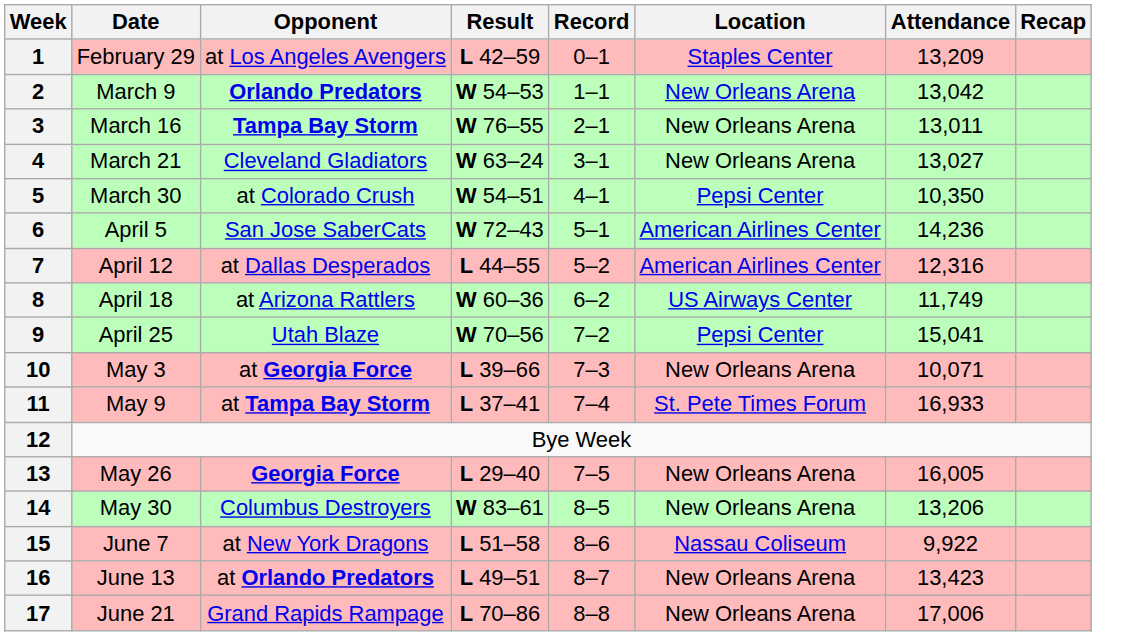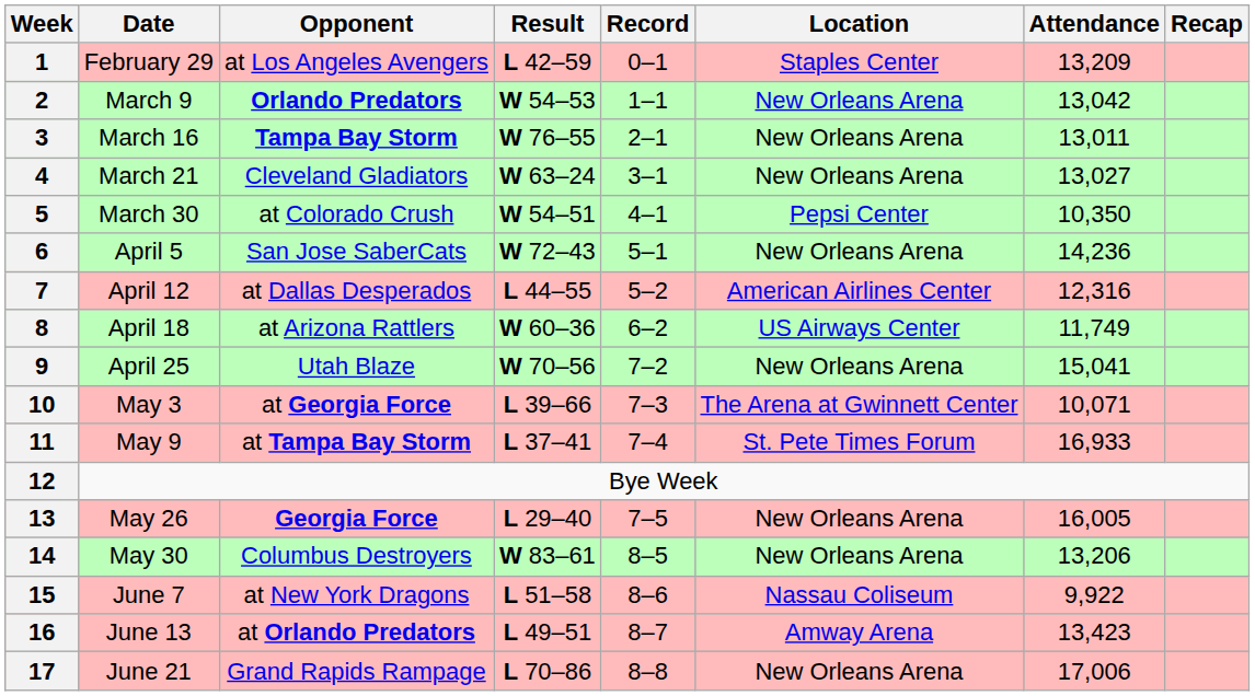 <table class="wikitable" style="text-align:center">
 <tr>
 <th>Week</th>
 <th>Date</th>
 <th>Opponent</th>
 <th>Result</th>
 <th>Record</th>
 <th>Location</th>
 <th>Attendance</th>
 <th>Recap</th>
 </tr>
 <tr bgcolor="#ffbbbb">
 <th>1</th>
 <td>February 29</td>
 <td>at <a href='#'>Los Angeles Avengers</a></td>
 <td><strong>L</strong> 42–59</td>
 <td>0–1</td>
 <td><a href='#'>Staples Center</a></td>
 <td>13,209</td>
 <td></td>
 </tr>
 <tr bgcolor="#bbffbb">
 <th>2</th>
 <td>March 9</td>
 <td><strong><a href='#'>Orlando Predators</a></strong></td>
 <td><strong>W</strong> 54–53</td>
 <td>1–1</td>
 <td><a href='#'>New Orleans Arena</a></td>
 <td>13,042</td>
 <td></td>
 </tr>
 <tr bgcolor="#bbffbb">
 <th>3</th>
 <td>March 16</td>
 <td><strong><a href='#'>Tampa Bay Storm</a></strong></td>
 <td><strong>W</strong> 76–55</td>
 <td>2–1</td>
 <td>New Orleans Arena</td>
 <td>13,011</td>
 <td></td>
 </tr>
 <tr bgcolor="#bbffbb">
 <th>4</th>
 <td>March 21</td>
 <td><a href='#'>Cleveland Gladiators</a></td>
 <td><strong>W</strong> 63–24</td>
 <td>3–1</td>
 <td>New Orleans Arena</td>
 <td>13,027</td>
 <td></td>
 </tr>
 <tr bgcolor="#bbffbb">
 <th>5</th>
 <td>March 30</td>
 <td>at <a href='#'>Colorado Crush</a></td>
 <td><strong>W</strong> 54–51</td>
 <td>4–1</td>
 <td><a href='#'>Pepsi Center</a></td>
 <td>10,350</td>
 <td></td>
 </tr>
 <tr bgcolor="#bbffbb">
 <th>6</th>
 <td>April 5</td>
 <td><a href='#'>San Jose SaberCats</a></td>
 <td><strong>W</strong> 72–43</td>
 <td>5–1</td>
-<td><a href='#'>American Airlines Center</a></td>
+<td>New Orleans Arena</td>
 <td>14,236</td>
 <td></td>
 </tr>
 <tr bgcolor="#ffbbbb">
 <th>7</th>
 <td>April 12</td>
 <td>at <a href='#'>Dallas Desperados</a></td>
 <td><strong>L</strong> 44–55</td>
 <td>5–2</td>
 <td><a href='#'>American Airlines Center</a></td>
 <td>12,316</td>
 <td></td>
 </tr>
 <tr bgcolor="#bbffbb">
 <th>8</th>
 <td>April 18</td>
 <td>at <a href='#'>Arizona Rattlers</a></td>
 <td><strong>W</strong> 60–36</td>
 <td>6–2</td>
 <td><a href='#'>US Airways Center</a></td>
 <td>11,749</td>
 <td></td>
 </tr>
 <tr bgcolor="#bbffbb">
 <th>9</th>
 <td>April 25</td>
 <td><a href='#'>Utah Blaze</a></td>
 <td><strong>W</strong> 70–56</td>
 <td>7–2</td>
-<td><a href='#'>Pepsi Center</a></td>
+<td>New Orleans Arena</td>
 <td>15,041</td>
 <td></td>
 </tr>
 <tr bgcolor="#ffbbbb">
 <th>10</th>
 <td>May 3</td>
 <td>at <strong><a href='#'>Georgia Force</a></strong></td>
 <td><strong>L</strong> 39–66</td>
 <td>7–3</td>
-<td>New Orleans Arena</td>
+<td><a href='#'>The Arena at Gwinnett Center</a></td>
 <td>10,071</td>
 <td></td>
 </tr>
 <tr bgcolor="#ffbbbb">
 <th>11</th>
 <td>May 9</td>
 <td>at <strong><a href='#'>Tampa Bay Storm</a></strong></td>
 <td><strong>L</strong> 37–41</td>
 <td>7–4</td>
 <td><a href='#'>St. Pete Times Forum</a></td>
 <td>16,933</td>
 <td></td>
 </tr>
 <tr>
 <th>12</th>
 <td colspan=7>Bye Week</td>
 </tr>
 <tr bgcolor="#ffbbbb">
 <th>13</th>
 <td>May 26</td>
 <td><strong><a href='#'>Georgia Force</a></strong></td>
 <td><strong>L</strong> 29–40</td>
 <td>7–5</td>
 <td>New Orleans Arena</td>
 <td>16,005</td>
 <td></td>
 </tr>
 <tr bgcolor="#bbffbb">
 <th>14</th>
 <td>May 30</td>
 <td><a href='#'>Columbus Destroyers</a></td>
 <td><strong>W</strong> 83–61</td>
 <td>8–5</td>
 <td>New Orleans Arena</td>
 <td>13,206</td>
 <td></td>
 </tr>
 <tr bgcolor="#ffbbbb">
 <th>15</th>
 <td>June 7</td>
 <td>at <a href='#'>New York Dragons</a></td>
 <td><strong>L</strong> 51–58</td>
 <td>8–6</td>
 <td><a href='#'>Nassau Coliseum</a></td>
 <td>9,922</td>
 <td></td>
 </tr>
 <tr bgcolor="#ffbbbb">
 <th>16</th>
 <td>June 13</td>
 <td>at <strong><a href='#'>Orlando Predators</a></strong></td>
 <td><strong>L</strong> 49–51</td>
 <td>8–7</td>
-<td>New Orleans Arena</td>
+<td><a href='#'>Amway Arena</a></td>
 <td>13,423</td>
 <td></td>
 </tr>
 <tr bgcolor="#ffbbbb">
 <th>17</th>
 <td>June 21</td>
 <td><a href='#'>Grand Rapids Rampage</a></td>
 <td><strong>L</strong> 70–86</td>
 <td>8–8</td>
 <td>New Orleans Arena</td>
 <td>17,006</td>
 <td></td>
 </tr>
 </table>
